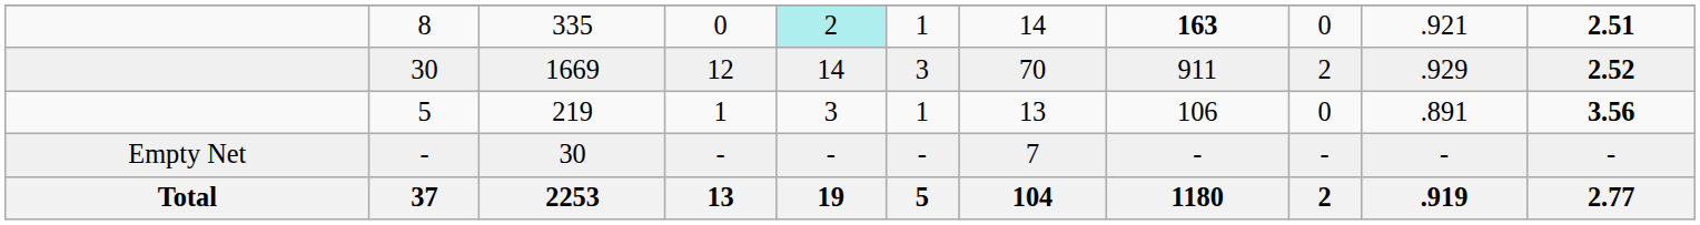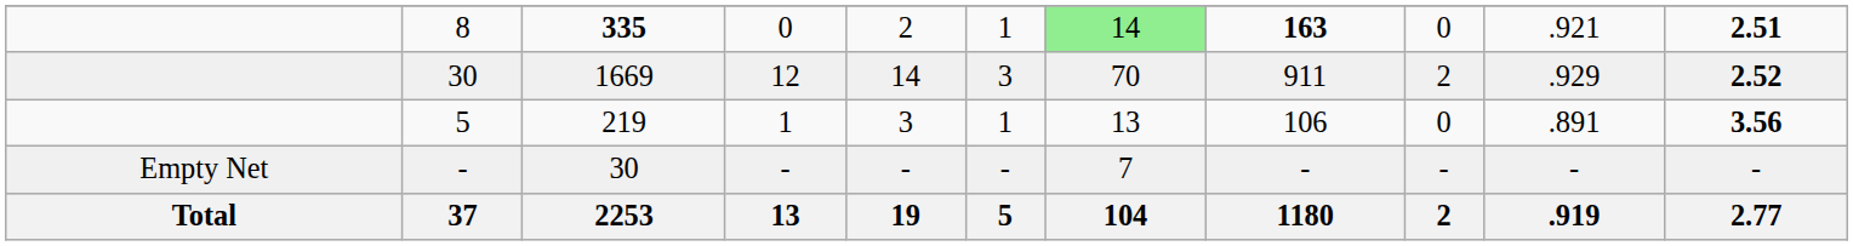 <table class="wikitable sortable" width ="1000">
 <tr align="center">
 </tr>
 <tr align="center">
 <td></td>
 <td>8</td>
-<td>335</td>
+<td><strong>335</strong></td>
 <td>0</td>
-<td style="background: paleturquoise;">2</td>
+<td>2</td>
 <td>1</td>
-<td>14</td>
+<td style="background: lightgreen;">14</td>
 <td><strong>163</strong></td>
 <td>0</td>
 <td>.921</td>
 <td><strong>2.51</strong></td>
 </tr>
 <tr align="center" bgcolor="f0f0f0">
 <td></td>
 <td>30</td>
 <td>1669</td>
 <td>12</td>
 <td>14</td>
 <td>3</td>
 <td>70</td>
 <td>911</td>
 <td>2</td>
 <td>.929</td>
 <td><strong>2.52</strong></td>
 </tr>
 <tr align="center" bgcolor="">
 <td></td>
 <td>5</td>
 <td>219</td>
 <td>1</td>
 <td>3</td>
 <td>1</td>
 <td>13</td>
 <td>106</td>
 <td>0</td>
 <td>.891</td>
 <td><strong>3.56</strong></td>
 </tr>
 <tr align="center" bgcolor="f0f0f0">
 <td>Empty Net</td>
 <td>-</td>
 <td>30</td>
 <td>-</td>
 <td>-</td>
 <td>-</td>
 <td>7</td>
 <td>-</td>
 <td>-</td>
 <td>-</td>
 <td>-</td>
 </tr>
 <tr>
 <th>Total</th>
 <th>37</th>
 <th>2253</th>
 <th>13</th>
 <th>19</th>
 <th>5</th>
 <th>104</th>
 <th>1180</th>
 <th>2</th>
 <th>.919</th>
 <th>2.77</th>
 </tr>
 </table>
